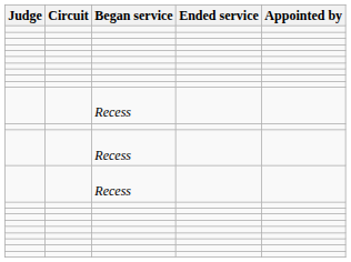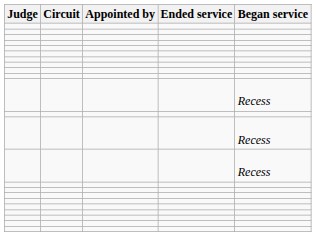 <table class="sortable wikitable">
 <tr>
 <th>Judge</th>
 <th>Circuit</th>
+<th>Appointed by</th>
+<th>Ended service</th>
 <th>Began service</th>
-<th>Ended service</th>
-<th>Appointed by</th>
 </tr>
 <tr>
 <td></td>
 <td></td>
 <td></td>
 <td></td>
 <td></td>
 </tr>
 <tr>
 <td></td>
 <td></td>
 <td></td>
 <td></td>
 <td></td>
 </tr>
 <tr>
 <td></td>
 <td></td>
 <td></td>
 <td></td>
 <td></td>
 </tr>
 <tr>
 <td></td>
 <td></td>
 <td></td>
 <td></td>
 <td></td>
 </tr>
 <tr>
 <td></td>
 <td></td>
 <td></td>
 <td></td>
 <td></td>
 </tr>
 <tr>
 <td></td>
 <td></td>
 <td></td>
 <td></td>
 <td></td>
 </tr>
 <tr>
 <td></td>
 <td></td>
 <td></td>
 <td></td>
 <td></td>
 </tr>
 <tr>
 <td></td>
 <td></td>
 <td></td>
 <td></td>
 <td></td>
 </tr>
 <tr>
 <td></td>
 <td></td>
 <td></td>
 <td></td>
 <td></td>
 </tr>
 <tr>
 <td></td>
 <td></td>
 <td></td>
 <td></td>
 <td></td>
 </tr>
 <tr>
 <td></td>
 <td></td>
-<td><br><em>Recess</em></td>
 <td></td>
 <td></td>
+<td><br><em>Recess</em></td>
 </tr>
 <tr>
 <td></td>
 <td></td>
 <td></td>
 <td></td>
 <td></td>
 </tr>
 <tr>
 <td></td>
 <td></td>
-<td><br><em>Recess</em></td>
 <td></td>
 <td></td>
+<td><br><em>Recess</em></td>
 </tr>
 <tr>
 <td></td>
 <td></td>
-<td><br><em>Recess</em></td>
 <td></td>
 <td></td>
+<td><br><em>Recess</em></td>
 </tr>
 <tr>
 <td></td>
 <td></td>
 <td></td>
 <td></td>
 <td></td>
 </tr>
 <tr>
 <td></td>
 <td></td>
 <td></td>
 <td></td>
 <td></td>
 </tr>
 <tr>
 <td></td>
 <td></td>
 <td></td>
 <td></td>
 <td></td>
 </tr>
 <tr>
 <td></td>
 <td></td>
 <td></td>
 <td></td>
 <td></td>
 </tr>
 <tr>
 <td></td>
 <td></td>
 <td></td>
 <td></td>
 <td></td>
 </tr>
 <tr>
 <td></td>
 <td></td>
 <td></td>
 <td></td>
 <td></td>
 </tr>
 <tr>
 <td></td>
 <td></td>
 <td></td>
 <td></td>
 <td></td>
 </tr>
 <tr>
 <td></td>
 <td></td>
 <td></td>
 <td></td>
 <td></td>
 </tr>
 <tr>
 <td></td>
 <td></td>
 <td></td>
 <td></td>
 <td></td>
 </tr>
 </table>
